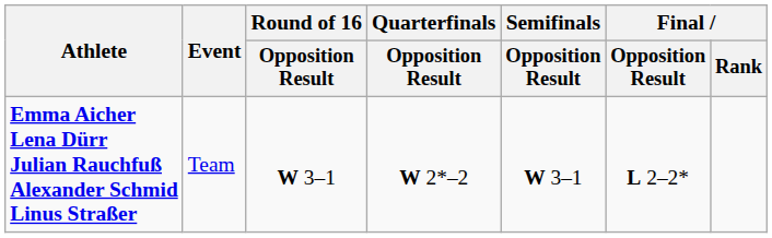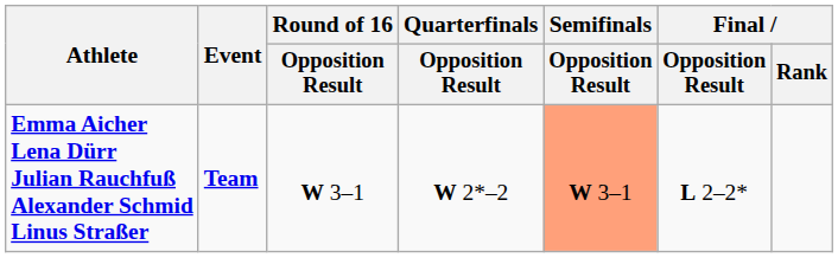 <table class="wikitable" style="font-size:90%">
 <tr>
 <th rowspan="2">Athlete</th>
 <th rowspan="2">Event</th>
 <th>Round of 16</th>
 <th>Quarterfinals</th>
 <th>Semifinals</th>
 <th colspan=2>Final / </th>
 </tr>
 <tr style="font-size:95%">
 <th>Opposition<br>Result</th>
 <th>Opposition<br>Result</th>
 <th>Opposition<br>Result</th>
 <th>Opposition<br>Result</th>
 <th>Rank</th>
 </tr>
 <tr align=center>
 <td align=left><strong><a href='#'>Emma Aicher</a><br><a href='#'>Lena Dürr</a><br><a href='#'>Julian Rauchfuß</a><br><a href='#'>Alexander Schmid</a><br><a href='#'>Linus Straßer</a></strong></td>
-<td align=left><a href='#'>Team</a></td>
+<td align=left><strong><a href='#'>Team</a></strong></td>
 <td><br><strong>W</strong> 3–1</td>
 <td><br><strong>W</strong> 2*–2</td>
-<td><br><strong>W</strong> 3–1</td>
+<td style="background: lightsalmon;"><br><strong>W</strong> 3–1</td>
 <td><br><strong>L</strong> 2–2*</td>
 <td></td>
 </tr>
 </table>
